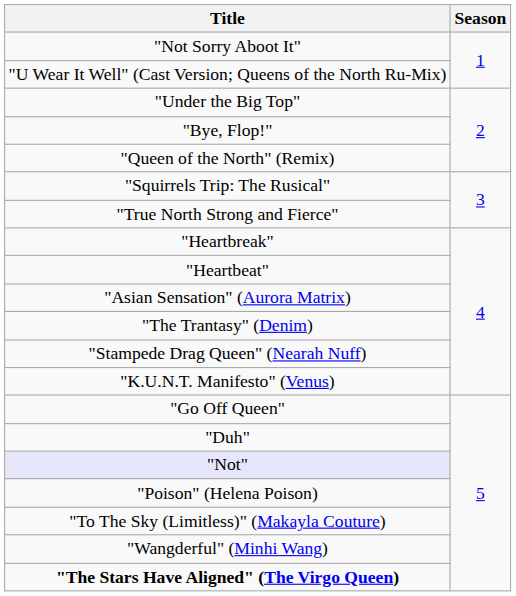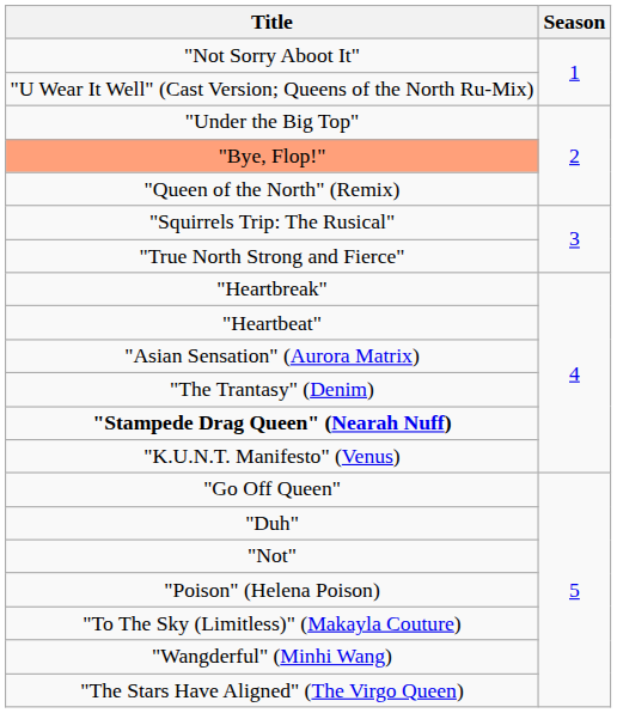 <table class="wikitable plainrowheaders" style="text-align:center;">
 <tr>
 <th scope="col">Title</th>
 <th scope="col" style="width:1em;">Season</th>
 </tr>
 <tr>
 <td scope="row">"Not Sorry Aboot It"</td>
 <td rowspan="2"><a href='#'>1</a></td>
 </tr>
 <tr>
 <td scope="row">"U Wear It Well" (Cast Version; Queens of the North Ru-Mix)</td>
 </tr>
 <tr>
 <td scope="row">"Under the Big Top"</td>
 <td rowspan="3"><a href='#'>2</a></td>
 </tr>
 <tr>
-<td scope="row">"Bye, Flop!"</td>
+<td scope="row" style="background: lightsalmon;">"Bye, Flop!"</td>
 </tr>
 <tr>
 <td scope="row">"Queen of the North" (Remix)</td>
 </tr>
 <tr>
 <td scope="row">"Squirrels Trip: The Rusical"</td>
 <td rowspan="2"><a href='#'>3</a></td>
 </tr>
 <tr>
 <td scope="row">"True North Strong and Fierce"</td>
 </tr>
 <tr>
 <td scope="row">"Heartbreak"</td>
 <td rowspan="6"><a href='#'>4</a></td>
 </tr>
 <tr>
 <td scope="row">"Heartbeat"</td>
 </tr>
 <tr>
 <td scope="row">"Asian Sensation" (<a href='#'>Aurora Matrix</a>)</td>
 </tr>
 <tr>
 <td scope="row">"The Trantasy" (<a href='#'>Denim</a>)</td>
 </tr>
 <tr>
-<td scope="row">"Stampede Drag Queen" (<a href='#'>Nearah Nuff</a>)</td>
+<td scope="row"><strong>"Stampede Drag Queen" (<a href='#'>Nearah Nuff</a>)</strong></td>
 </tr>
 <tr>
 <td scope="row">"K.U.N.T. Manifesto" (<a href='#'>Venus</a>)</td>
 </tr>
 <tr>
 <td scope="row">"Go Off Queen"</td>
 <td rowspan="7"><a href='#'>5</a></td>
 </tr>
 <tr>
 <td scope="row">"Duh"</td>
 </tr>
 <tr>
-<td scope="row" style="background: lavender;">"Not"</td>
+<td scope="row">"Not"</td>
 </tr>
 <tr>
 <td scope="row">"Poison" (Helena Poison)</td>
 </tr>
 <tr>
 <td scope="row">"To The Sky (Limitless)" (<a href='#'>Makayla Couture</a>)</td>
 </tr>
 <tr>
 <td scope="row">"Wangderful" (<a href='#'>Minhi Wang</a>)</td>
 </tr>
 <tr>
-<td scope="row"><strong>"The Stars Have Aligned" (<a href='#'>The Virgo Queen</a>)</strong></td>
+<td scope="row">"The Stars Have Aligned" (<a href='#'>The Virgo Queen</a>)</td>
 </tr>
 </table>
